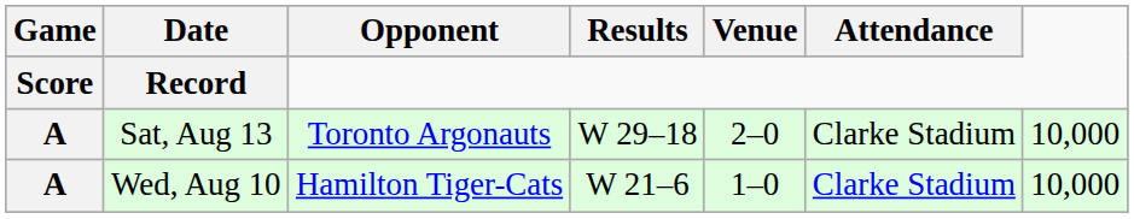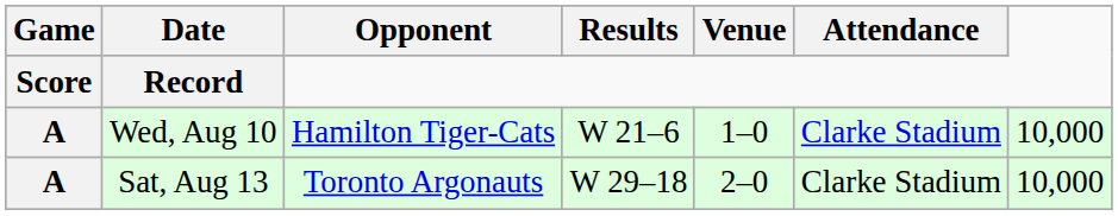 <table class="wikitable" style="text-align:center">
 <tr>
 <th>Game</th>
 <th>Date</th>
 <th>Opponent</th>
 <th>Results</th>
 <th>Venue</th>
 <th>Attendance</th>
 </tr>
 <tr>
 <th>Score</th>
 <th>Record</th>
 </tr>
 <tr style="background:#ddffdd">
 <th>A</th>
+<td>Wed, Aug 10</td>
+<td><a href='#'>Hamilton Tiger-Cats</a></td>
+<td>W 21–6</td>
+<td>1–0</td>
+<td><a href='#'>Clarke Stadium</a></td>
+<td>10,000</td>
+</tr>
+<tr style="background:#ddffdd">
+<th>A</th>
 <td>Sat, Aug 13</td>
 <td><a href='#'>Toronto Argonauts</a></td>
 <td>W 29–18</td>
 <td>2–0</td>
 <td>Clarke Stadium</td>
 <td>10,000</td>
 </tr>
-<tr style="background:#ddffdd">
-<th>A</th>
-<td>Wed, Aug 10</td>
-<td><a href='#'>Hamilton Tiger-Cats</a></td>
-<td>W 21–6</td>
-<td>1–0</td>
-<td><a href='#'>Clarke Stadium</a></td>
-<td>10,000</td>
-</tr>
 </table>
